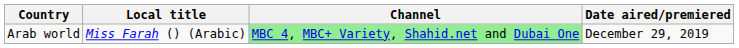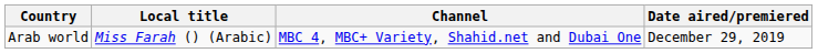 <table class="wikitable">
 <tr>
 <th>Country</th>
 <th>Local title</th>
 <th>Channel</th>
 <th>Date aired/premiered</th>
 </tr>
 <tr>
 <td>Arab world</td>
 <td><em><a href='#'>Miss Farah</a></em> () (Arabic)</td>
-<td style="background: lightgreen;"><a href='#'>MBC 4</a>, <a href='#'>MBC+ Variety</a>, <a href='#'>Shahid.net</a> and <a href='#'>Dubai One</a></td>
+<td><a href='#'>MBC 4</a>, <a href='#'>MBC+ Variety</a>, <a href='#'>Shahid.net</a> and <a href='#'>Dubai One</a></td>
 <td>December 29, 2019</td>
 </tr>
 <tr>
 </tr>
 </table>
